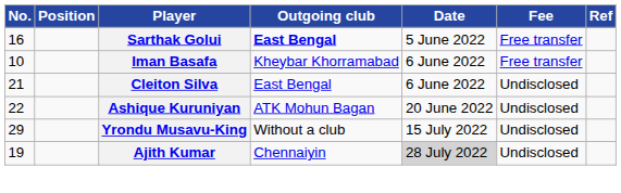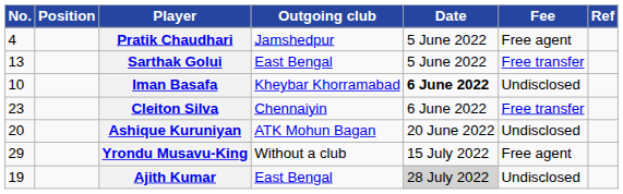 <table class="wikitable plainrowheaders" style="text-align:center; text-align:left">
 <tr>
 <th style="background:#2545A0; color:#FFFFFF; ">No.</th>
 <th scope="col" style="background:#2545A0; color:#FFFFFF; ">Position</th>
 <th scope="col" style="background:#2545A0; color:#FFFFFF; ">Player</th>
 <th scope="col" style="background:#2545A0; color:#FFFFFF; ">Outgoing club</th>
 <th scope="col" style="background:#2545A0; color:#FFFFFF; ">Date</th>
 <th scope="col" style="background:#2545A0; color:#FFFFFF; ">Fee</th>
 <th scope="col" style="background:#2545A0; color:#FFFFFF; ">Ref</th>
 </tr>
 <tr>
-<td>16</td>
+<td>4</td>
+<td></td>
+<th scope="row"> <a href='#'>Pratik Chaudhari</a></th>
+<td><a href='#'>Jamshedpur</a></td>
+<td>5 June 2022</td>
+<td>Free agent</td>
+<td></td>
+</tr>
+<tr>
+<td>13</td>
 <td></td>
 <th scope="row"> <a href='#'>Sarthak Golui</a></th>
-<td><strong><a href='#'>East Bengal</a></strong></td>
+<td><a href='#'>East Bengal</a></td>
 <td>5 June 2022</td>
 <td><a href='#'>Free transfer</a></td>
 <td></td>
 </tr>
 <tr>
 <td>10</td>
 <td></td>
 <th scope="row"> <a href='#'>Iman Basafa</a></th>
 <td> <a href='#'>Kheybar Khorramabad</a></td>
+<td><strong>6 June 2022</strong></td>
+<td>Undisclosed</td>
+<td></td>
+</tr>
+<tr>
+<td>23</td>
+<td></td>
+<th scope="row"> <a href='#'>Cleiton Silva</a></th>
+<td><a href='#'>Chennaiyin</a></td>
 <td>6 June 2022</td>
 <td><a href='#'>Free transfer</a></td>
 <td></td>
 </tr>
 <tr>
-<td>21</td>
-<td></td>
-<th scope="row"> <a href='#'>Cleiton Silva</a></th>
-<td><a href='#'>East Bengal</a></td>
-<td>6 June 2022</td>
-<td>Undisclosed</td>
-<td></td>
-</tr>
-<tr>
-<td>22</td>
+<td>20</td>
 <td></td>
 <th scope="row"> <a href='#'>Ashique Kuruniyan</a></th>
 <td><a href='#'>ATK Mohun Bagan</a></td>
 <td>20 June 2022</td>
 <td>Undisclosed</td>
 <td></td>
 </tr>
 <tr>
 <td>29</td>
 <td></td>
 <th scope="row"> <a href='#'>Yrondu Musavu-King</a></th>
 <td>Without a club</td>
 <td>15 July 2022</td>
-<td>Undisclosed</td>
+<td>Free agent</td>
 <td></td>
 </tr>
 <tr>
 <td>19</td>
 <td></td>
 <th scope="row"> <a href='#'>Ajith Kumar</a></th>
-<td><a href='#'>Chennaiyin</a></td>
+<td><a href='#'>East Bengal</a></td>
 <td style="background: lightgrey;">28 July 2022</td>
 <td>Undisclosed</td>
 <td></td>
 </tr>
 </table>
